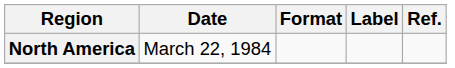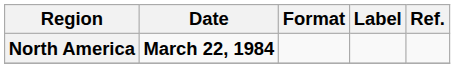 <table class="wikitable plainrowheaders">
 <tr>
 <th scope="col">Region</th>
 <th scope="col">Date</th>
 <th scope="col">Format</th>
 <th scope="col">Label</th>
 <th scope="col">Ref.</th>
 </tr>
 <tr>
 <th scope="row">North America</th>
-<td>March 22, 1984</td>
+<td><strong>March 22, 1984</strong></td>
 <td></td>
 <td></td>
 <td></td>
 </tr>
 <tr>
 </tr>
 </table>
